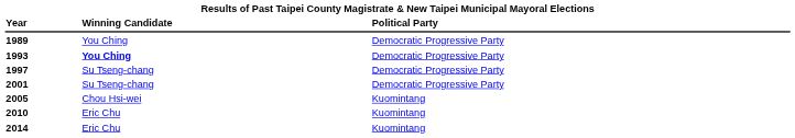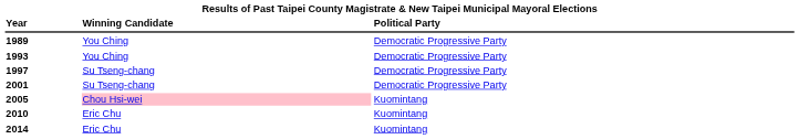 <table id="toc" style="margin:1em auto; width: 90%; font-size: 90%;" cellspacing="3">
 <tr>
 <td colspan="3" align="center"><strong>Results of Past Taipei County Magistrate & New Taipei Municipal Mayoral Elections</strong></td>
 </tr>
 <tr>
 <td><strong>Year</strong></td>
 <td><strong> Winning Candidate</strong></td>
 <td><strong>Political Party</strong></td>
 </tr>
 <tr>
 <th bgcolor="#000000" colspan="7"></th>
 </tr>
 <tr>
 <td><strong>1989</strong></td>
 <td><a href='#'>You Ching</a></td>
 <td> <a href='#'>Democratic Progressive Party</a></td>
 </tr>
 <tr>
 <td><strong>1993</strong></td>
-<td><strong><a href='#'>You Ching</a></strong></td>
+<td><a href='#'>You Ching</a></td>
 <td> <a href='#'>Democratic Progressive Party</a></td>
 </tr>
 <tr>
 <td><strong>1997</strong></td>
 <td><a href='#'>Su Tseng-chang</a></td>
 <td> <a href='#'>Democratic Progressive Party</a></td>
 </tr>
 <tr>
 <td><strong>2001</strong></td>
 <td><a href='#'>Su Tseng-chang</a></td>
 <td> <a href='#'>Democratic Progressive Party</a></td>
 </tr>
 <tr>
 <td><strong>2005</strong></td>
-<td><a href='#'>Chou Hsi-wei</a></td>
+<td style="background: pink;"><a href='#'>Chou Hsi-wei</a></td>
 <td> <a href='#'>Kuomintang</a></td>
 </tr>
 <tr>
 <td><strong>2010</strong></td>
 <td><a href='#'>Eric Chu</a></td>
 <td> <a href='#'>Kuomintang</a></td>
 </tr>
 <tr>
 <td><strong>2014</strong></td>
 <td><a href='#'>Eric Chu</a></td>
 <td> <a href='#'>Kuomintang</a></td>
 </tr>
 </table>
